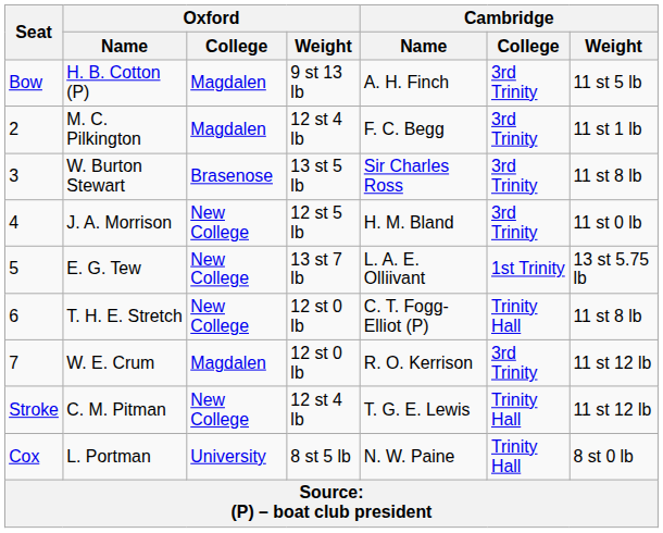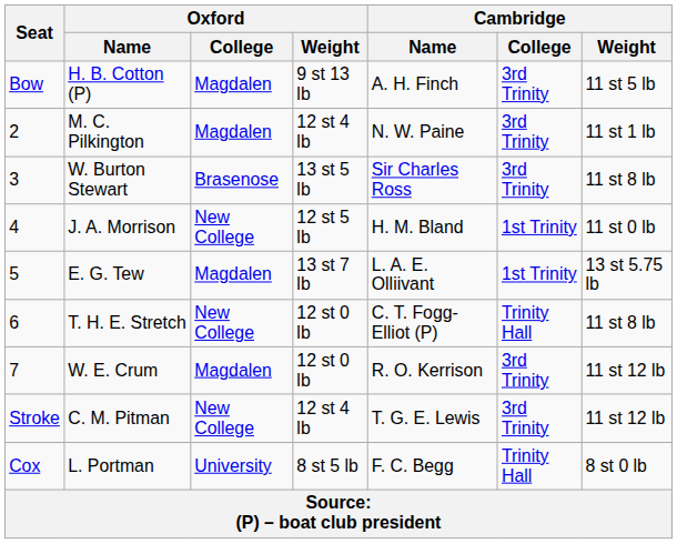 <table class="wikitable">
 <tr>
 <th rowspan="2" scope="col">Seat</th>
 <th colspan="3" scope="col">Oxford <br> </th>
 <th colspan="3" scope="col">Cambridge <br> </th>
 </tr>
 <tr>
 <th>Name</th>
 <th>College</th>
 <th>Weight</th>
 <th>Name</th>
 <th>College</th>
 <th>Weight</th>
 </tr>
 <tr>
 <td><a href='#'>Bow</a></td>
 <td><a href='#'>H. B. Cotton</a> (P)</td>
 <td><a href='#'>Magdalen</a></td>
 <td>9 st 13 lb</td>
 <td>A. H. Finch</td>
 <td><a href='#'>3rd Trinity</a></td>
 <td>11 st 5 lb</td>
 </tr>
 <tr>
 <td>2</td>
 <td>M. C. Pilkington</td>
 <td><a href='#'>Magdalen</a></td>
 <td>12 st 4 lb</td>
-<td>F. C. Begg</td>
+<td>N. W. Paine</td>
 <td><a href='#'>3rd Trinity</a></td>
 <td>11 st 1 lb</td>
 </tr>
 <tr>
 <td>3</td>
 <td>W. Burton Stewart</td>
 <td><a href='#'>Brasenose</a></td>
 <td>13 st 5 lb</td>
 <td><a href='#'>Sir Charles Ross</a></td>
 <td><a href='#'>3rd Trinity</a></td>
 <td>11 st 8 lb</td>
 </tr>
 <tr>
 <td>4</td>
 <td>J. A. Morrison</td>
 <td><a href='#'>New College</a></td>
 <td>12 st 5 lb</td>
 <td>H. M. Bland</td>
-<td><a href='#'>3rd Trinity</a></td>
+<td><a href='#'>1st Trinity</a></td>
 <td>11 st 0 lb</td>
 </tr>
 <tr>
 <td>5</td>
 <td>E. G. Tew</td>
-<td><a href='#'>New College</a></td>
+<td><a href='#'>Magdalen</a></td>
 <td>13 st 7 lb</td>
 <td>L. A. E. Olliivant</td>
 <td><a href='#'>1st Trinity</a></td>
 <td>13 st 5.75 lb</td>
 </tr>
 <tr>
 <td>6</td>
 <td>T. H. E. Stretch</td>
 <td><a href='#'>New College</a></td>
 <td>12 st 0 lb</td>
 <td>C. T. Fogg-Elliot (P)</td>
 <td><a href='#'>Trinity Hall</a></td>
 <td>11 st 8 lb</td>
 </tr>
 <tr>
 <td>7</td>
 <td>W. E. Crum</td>
 <td><a href='#'>Magdalen</a></td>
 <td>12 st 0 lb</td>
 <td>R. O. Kerrison</td>
 <td><a href='#'>3rd Trinity</a></td>
 <td>11 st 12 lb</td>
 </tr>
 <tr>
 <td><a href='#'>Stroke</a></td>
 <td>C. M. Pitman</td>
 <td><a href='#'>New College</a></td>
 <td>12 st 4 lb</td>
 <td>T. G. E. Lewis</td>
-<td><a href='#'>Trinity Hall</a></td>
+<td><a href='#'>3rd Trinity</a></td>
 <td>11 st 12 lb</td>
 </tr>
 <tr>
 <td><a href='#'>Cox</a></td>
 <td>L. Portman</td>
 <td><a href='#'>University</a></td>
 <td>8 st 5 lb</td>
-<td>N. W. Paine</td>
+<td>F. C. Begg</td>
 <td><a href='#'>Trinity Hall</a></td>
 <td>8 st 0 lb</td>
 </tr>
 <tr>
 <th colspan="7">Source:<br>(P) – boat club president</th>
 </tr>
 </table>
